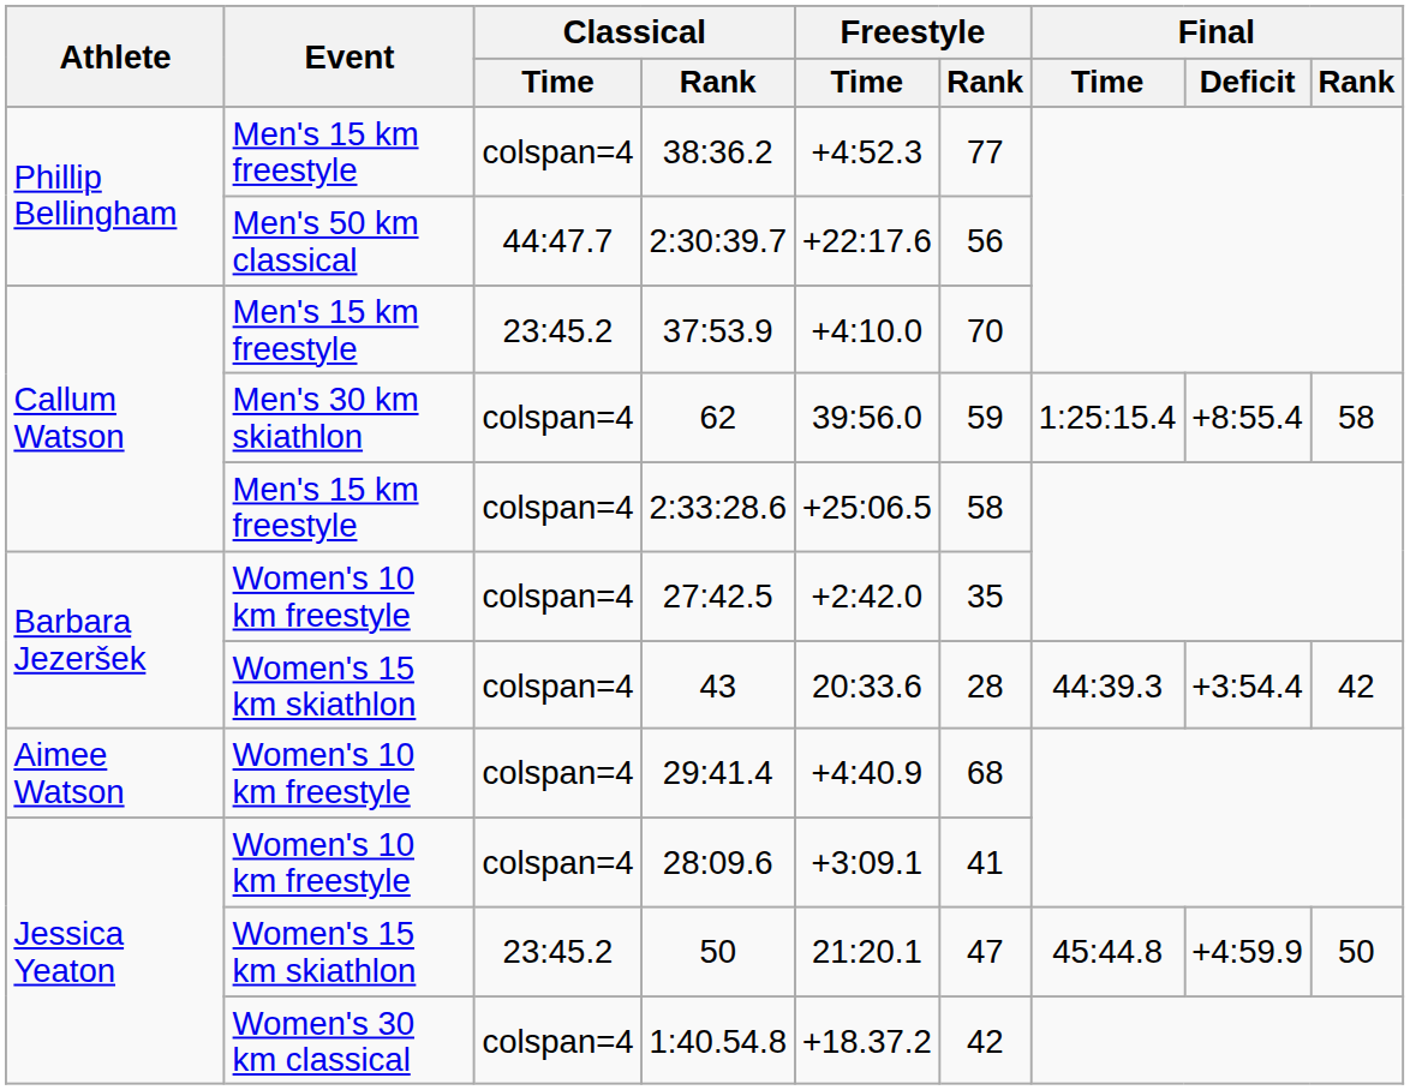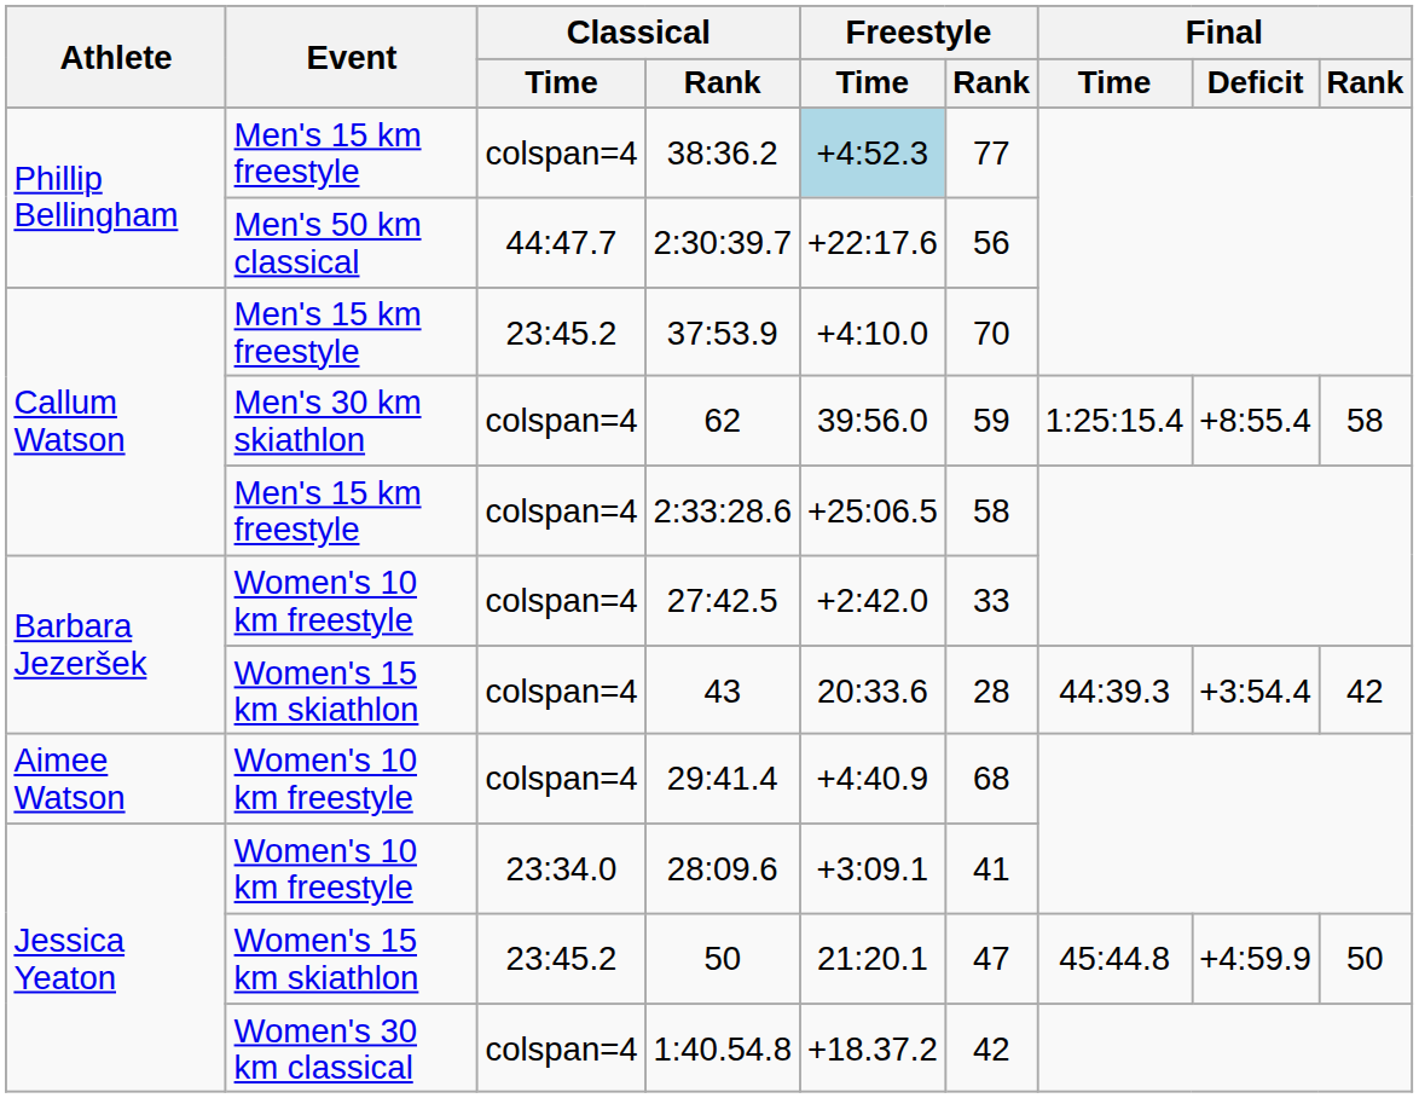 <table class="wikitable" style="font-size:90%">
 <tr>
 <th rowspan=2>Athlete</th>
 <th rowspan=2>Event</th>
 <th colspan=2>Classical</th>
 <th colspan=2>Freestyle</th>
 <th colspan=3>Final</th>
 </tr>
 <tr style="font-size: 95%">
 <th>Time</th>
 <th>Rank</th>
 <th>Time</th>
 <th>Rank</th>
 <th>Time</th>
 <th>Deficit</th>
 <th>Rank</th>
 </tr>
 <tr align=center>
 <td align=left rowspan=2><a href='#'>Phillip Bellingham</a></td>
 <td align=left><a href='#'>Men's 15 km freestyle</a></td>
 <td>colspan=4 </td>
 <td>38:36.2</td>
-<td>+4:52.3</td>
+<td style="background: lightblue;">+4:52.3</td>
 <td>77</td>
 </tr>
 <tr align=center>
 <td align=left><a href='#'>Men's 50 km classical</a></td>
 <td>44:47.7</td>
 <td>2:30:39.7</td>
 <td>+22:17.6</td>
 <td>56</td>
 </tr>
 <tr align=center>
 <td align=left rowspan=3><a href='#'>Callum Watson</a></td>
 <td align=left><a href='#'>Men's 15 km freestyle</a></td>
 <td>23:45.2</td>
 <td>37:53.9</td>
 <td>+4:10.0</td>
 <td>70</td>
 </tr>
 <tr align=center>
 <td align=left><a href='#'>Men's 30 km skiathlon</a></td>
 <td>colspan=4 </td>
 <td>62</td>
 <td>39:56.0</td>
 <td>59</td>
 <td>1:25:15.4</td>
 <td>+8:55.4</td>
 <td>58</td>
 </tr>
 <tr align=center>
 <td align=left><a href='#'>Men's 15 km freestyle</a></td>
 <td>colspan=4 </td>
 <td>2:33:28.6</td>
 <td>+25:06.5</td>
 <td>58</td>
 </tr>
 <tr align=center>
 <td align=left rowspan=2><a href='#'>Barbara Jezeršek</a></td>
 <td align=left><a href='#'>Women's 10 km freestyle</a></td>
 <td>colspan=4 </td>
 <td>27:42.5</td>
 <td>+2:42.0</td>
-<td>35</td>
+<td>33</td>
 </tr>
 <tr align=center>
 <td align=left><a href='#'>Women's 15 km skiathlon</a></td>
 <td>colspan=4 </td>
 <td>43</td>
 <td>20:33.6</td>
 <td>28</td>
 <td>44:39.3</td>
 <td>+3:54.4</td>
 <td>42</td>
 </tr>
 <tr align=center>
 <td align=left><a href='#'>Aimee Watson</a></td>
 <td align=left><a href='#'>Women's 10 km freestyle</a></td>
 <td>colspan=4 </td>
 <td>29:41.4</td>
 <td>+4:40.9</td>
 <td>68</td>
 </tr>
 <tr align=center>
 <td align=left rowspan=3><a href='#'>Jessica Yeaton</a></td>
 <td align=left><a href='#'>Women's 10 km freestyle</a></td>
-<td>colspan=4 </td>
+<td>23:34.0</td>
 <td>28:09.6</td>
 <td>+3:09.1</td>
 <td>41</td>
 </tr>
 <tr align=center>
 <td align=left><a href='#'>Women's 15 km skiathlon</a></td>
 <td>23:45.2</td>
 <td>50</td>
 <td>21:20.1</td>
 <td>47</td>
 <td>45:44.8</td>
 <td>+4:59.9</td>
 <td>50</td>
 </tr>
 <tr align=center>
 <td align=left><a href='#'>Women's 30 km classical</a></td>
 <td>colspan=4 </td>
 <td>1:40.54.8</td>
 <td>+18.37.2</td>
 <td>42</td>
 </tr>
 </table>
